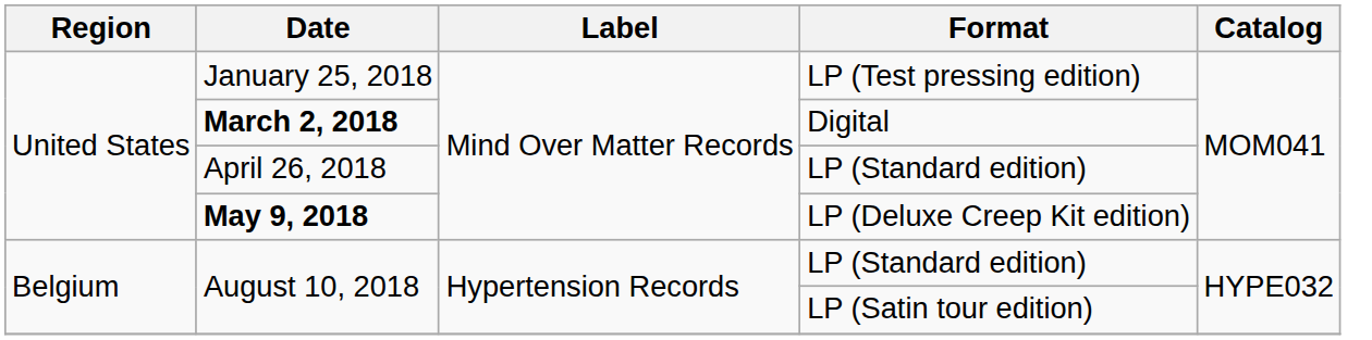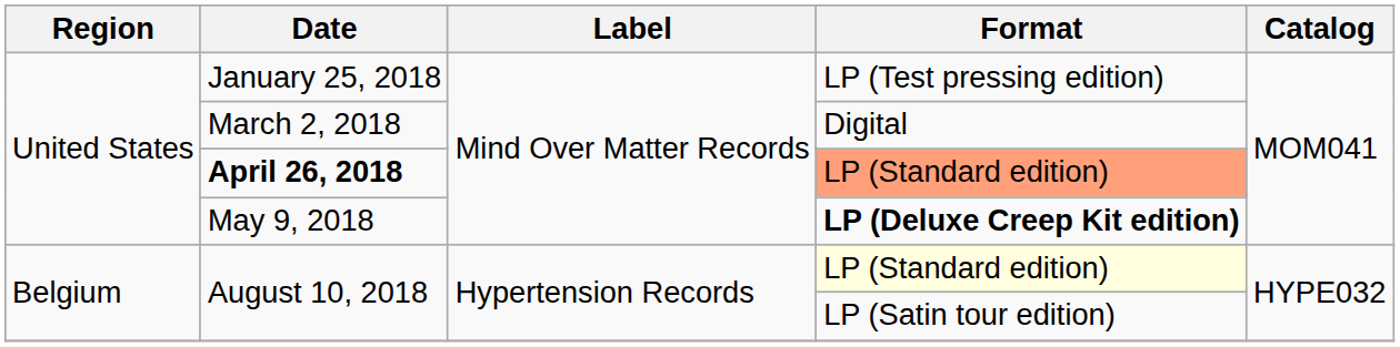 <table class="wikitable" summary="Charm Offensive has been released several times since 2018 across a variety of media and markets">
 <tr>
 <th scope="col">Region</th>
 <th scope="col">Date</th>
 <th scope="col">Label</th>
 <th scope="col">Format</th>
 <th scope="col">Catalog</th>
 </tr>
 <tr>
 <td rowspan="4">United States</td>
 <td>January 25, 2018</td>
 <td rowspan="4">Mind Over Matter Records</td>
 <td>LP (Test pressing edition)</td>
 <td rowspan="4">MOM041</td>
 </tr>
 <tr>
-<td><strong>March 2, 2018</strong></td>
+<td>March 2, 2018</td>
 <td>Digital</td>
 </tr>
 <tr>
-<td>April 26, 2018</td>
-<td>LP (Standard edition)</td>
+<td><strong>April 26, 2018</strong></td>
+<td style="background: lightsalmon;">LP (Standard edition)</td>
 </tr>
 <tr>
-<td><strong>May 9, 2018</strong></td>
-<td>LP (Deluxe Creep Kit edition)</td>
+<td>May 9, 2018</td>
+<td><strong>LP (Deluxe Creep Kit edition)</strong></td>
 </tr>
 <tr>
 <td rowspan="2">Belgium</td>
 <td rowspan="2">August 10, 2018</td>
 <td rowspan="2">Hypertension Records</td>
-<td>LP (Standard edition)</td>
+<td style="background: lightyellow;">LP (Standard edition)</td>
 <td rowspan="2">HYPE032</td>
 </tr>
 <tr>
 <td>LP (Satin tour edition)</td>
 </tr>
 <tr>
 </tr>
 </table>
